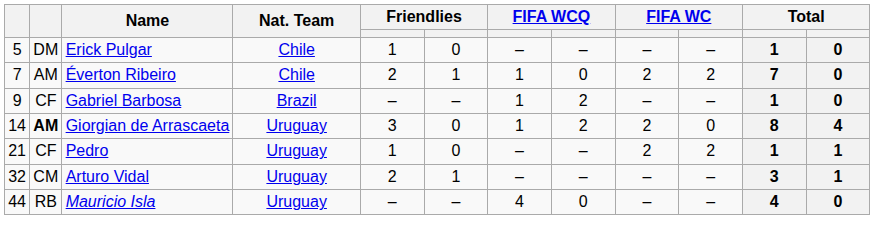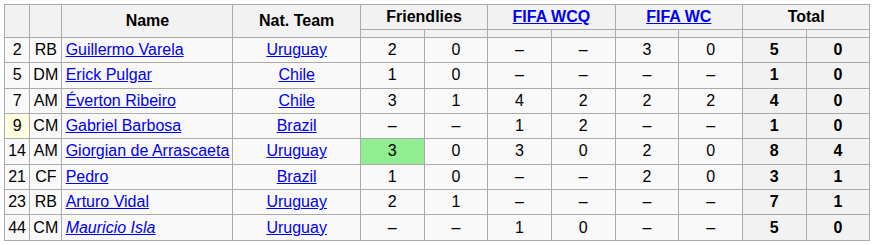 <table class="wikitable" style="text-align:center">
 <tr>
 <th rowspan="2"></th>
 <th rowspan="2"></th>
 <th rowspan="2">Name</th>
 <th rowspan="2" style="width:120px;">Nat. Team</th>
 <th colspan="2" style="width:120px;">Friendlies</th>
 <th colspan="2" style="width:120px;"><a href='#'>FIFA WCQ</a></th>
 <th colspan="2" style="width:120px;"><a href='#'>FIFA WC</a></th>
 <th colspan="2" style="width:120px;">Total</th>
 </tr>
 <tr>
 <th></th>
 <th></th>
 <th></th>
 <th></th>
 <th></th>
 <th></th>
 <th></th>
 <th></th>
 </tr>
 <tr>
+<td>2</td>
+<td>RB</td>
+<td align="left"><a href='#'>Guillermo Varela</a></td>
+<td> <a href='#'>Uruguay</a></td>
+<td>2</td>
+<td>0</td>
+<td>–</td>
+<td>–</td>
+<td>3</td>
+<td>0</td>
+<th>5</th>
+<th>0</th>
+</tr>
+<tr>
 <td>5</td>
 <td>DM</td>
 <td align="left"><a href='#'>Erick Pulgar</a></td>
 <td> <a href='#'>Chile</a></td>
 <td>1</td>
 <td>0</td>
 <td>–</td>
 <td>–</td>
 <td>–</td>
 <td>–</td>
 <th>1</th>
 <th>0</th>
 </tr>
 <tr>
 <td>7</td>
 <td>AM</td>
 <td align="left"><a href='#'>Éverton Ribeiro</a></td>
 <td> <a href='#'>Chile</a></td>
-<td>2</td>
+<td>3</td>
 <td>1</td>
-<td>1</td>
-<td>0</td>
+<td>4</td>
 <td>2</td>
 <td>2</td>
-<th>7</th>
+<td>2</td>
+<th>4</th>
 <th>0</th>
 </tr>
 <tr>
-<td>9</td>
-<td>CF</td>
+<td style="background: lightyellow;">9</td>
+<td>CM</td>
 <td align="left"><a href='#'>Gabriel Barbosa</a></td>
 <td> <a href='#'>Brazil</a></td>
 <td>–</td>
 <td>–</td>
 <td>1</td>
 <td>2</td>
 <td>–</td>
 <td>–</td>
 <th>1</th>
 <th>0</th>
 </tr>
 <tr>
 <td>14</td>
-<td><strong>AM</strong></td>
+<td>AM</td>
 <td align="left"><a href='#'>Giorgian de Arrascaeta</a></td>
 <td> <a href='#'>Uruguay</a></td>
+<td style="background: lightgreen;">3</td>
+<td>0</td>
 <td>3</td>
 <td>0</td>
-<td>1</td>
-<td>2</td>
 <td>2</td>
 <td>0</td>
 <th>8</th>
 <th>4</th>
 </tr>
 <tr>
 <td>21</td>
 <td>CF</td>
 <td align="left"><a href='#'>Pedro</a></td>
-<td> <a href='#'>Uruguay</a></td>
+<td> <a href='#'>Brazil</a></td>
 <td>1</td>
 <td>0</td>
 <td>–</td>
 <td>–</td>
 <td>2</td>
-<td>2</td>
-<th>1</th>
+<td>0</td>
+<th>3</th>
 <th>1</th>
 </tr>
 <tr>
-<td>32</td>
-<td>CM</td>
+<td>23</td>
+<td>RB</td>
 <td align="left"><a href='#'>Arturo Vidal</a></td>
 <td> <a href='#'>Uruguay</a></td>
 <td>2</td>
 <td>1</td>
 <td>–</td>
 <td>–</td>
 <td>–</td>
 <td>–</td>
-<th>3</th>
+<th>7</th>
 <th>1</th>
 </tr>
 <tr>
 <td>44</td>
-<td>RB</td>
+<td>CM</td>
 <td align="left"><em><a href='#'>Mauricio Isla</a></em></td>
 <td> <a href='#'>Uruguay</a></td>
 <td>–</td>
 <td>–</td>
-<td>4</td>
+<td>1</td>
 <td>0</td>
 <td>–</td>
 <td>–</td>
-<th>4</th>
+<th>5</th>
 <th>0</th>
 </tr>
 <tr>
 </tr>
 </table>
